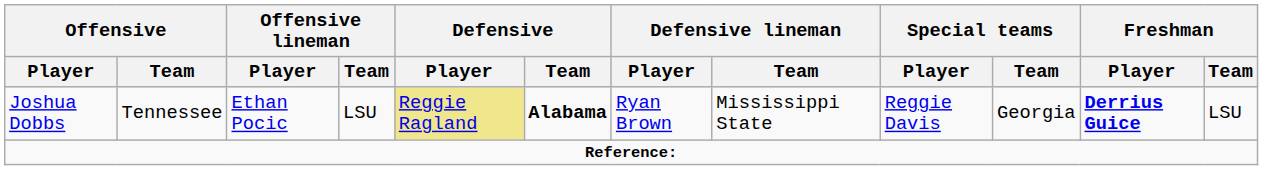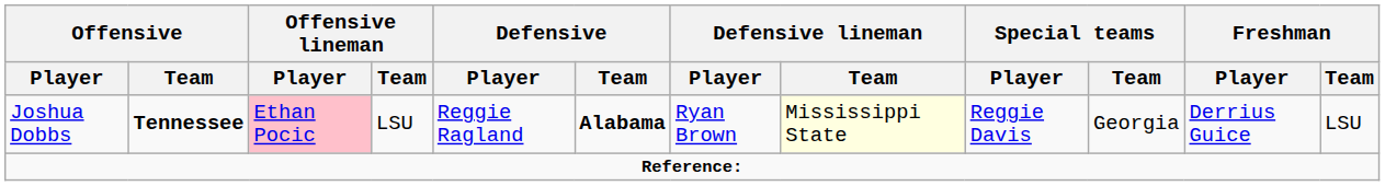 <table class="wikitable">
 <tr>
 <th colspan="2">Offensive</th>
 <th colspan="2">Offensive lineman</th>
 <th colspan="2">Defensive</th>
 <th colspan="2">Defensive lineman</th>
 <th colspan="2">Special teams</th>
 <th colspan="2">Freshman</th>
 </tr>
 <tr>
 <th>Player</th>
 <th>Team</th>
 <th>Player</th>
 <th>Team</th>
 <th>Player</th>
 <th>Team</th>
 <th>Player</th>
 <th>Team</th>
 <th>Player</th>
 <th>Team</th>
 <th>Player</th>
 <th>Team</th>
 </tr>
 <tr>
 <td><a href='#'>Joshua Dobbs</a></td>
-<td>Tennessee</td>
-<td><a href='#'>Ethan Pocic</a></td>
+<td><strong>Tennessee</strong></td>
+<td style="background: pink;"><a href='#'>Ethan Pocic</a></td>
 <td>LSU</td>
-<td style="background: khaki;"><a href='#'>Reggie Ragland</a></td>
+<td><a href='#'>Reggie Ragland</a></td>
 <td><strong>Alabama</strong></td>
 <td><a href='#'>Ryan Brown</a></td>
-<td>Mississippi State</td>
+<td style="background: lightyellow;">Mississippi State</td>
 <td><a href='#'>Reggie Davis</a></td>
 <td>Georgia</td>
-<td><strong><a href='#'>Derrius Guice</a></strong></td>
+<td><a href='#'>Derrius Guice</a></td>
 <td>LSU</td>
 </tr>
 <tr>
 <td colspan="12"  style="font-size:8pt; text-align:center;"><strong>Reference:</strong></td>
 </tr>
 </table>
